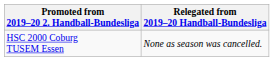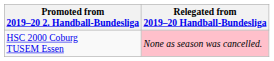 <table class="wikitable">
 <tr>
 <th>Promoted from<br><a href='#'>2019–20 2. Handball-Bundesliga</a></th>
 <th>Relegated from<br><a href='#'>2019–20 Handball-Bundesliga</a></th>
 </tr>
 <tr>
 <td><a href='#'>HSC 2000 Coburg</a><br><a href='#'>TUSEM Essen</a></td>
-<td><em>None as season was cancelled.</em></td>
+<td style="background: pink;"><em>None as season was cancelled.</em></td>
 </tr>
 </table>
